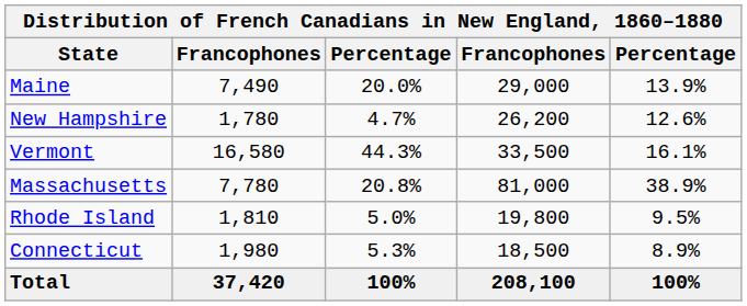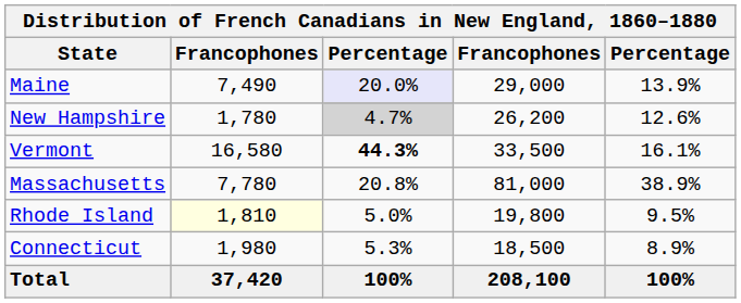 <table class=wikitable style="text-align:center">
 <tr>
 <th colspan = 6>Distribution of French Canadians in New England, 1860–1880</th>
 </tr>
 <tr>
 <th>State</th>
 <th>Francophones</th>
 <th>Percentage</th>
 <th>Francophones</th>
 <th>Percentage</th>
 </tr>
 <tr>
 <td style="text-align:left"><a href='#'>Maine</a></td>
 <td>7,490</td>
-<td>20.0%</td>
+<td style="background: lavender;">20.0%</td>
 <td>29,000</td>
 <td>13.9%</td>
 </tr>
 <tr>
 <td style="text-align:left"><a href='#'>New Hampshire</a></td>
 <td>1,780</td>
-<td>4.7%</td>
+<td style="background: lightgrey;">4.7%</td>
 <td>26,200</td>
 <td>12.6%</td>
 </tr>
 <tr>
 <td style="text-align:left"><a href='#'>Vermont</a></td>
 <td>16,580</td>
-<td>44.3%</td>
+<td><strong>44.3%</strong></td>
 <td>33,500</td>
 <td>16.1%</td>
 </tr>
 <tr>
 <td style="text-align:left"><a href='#'>Massachusetts</a></td>
 <td>7,780</td>
 <td>20.8%</td>
 <td>81,000</td>
 <td>38.9%</td>
 </tr>
 <tr>
 <td style="text-align:left"><a href='#'>Rhode Island</a></td>
-<td>1,810</td>
+<td style="background: lightyellow;">1,810</td>
 <td>5.0%</td>
 <td>19,800</td>
 <td>9.5%</td>
 </tr>
 <tr>
 <td style="text-align:left"><a href='#'>Connecticut</a></td>
 <td>1,980</td>
 <td>5.3%</td>
 <td>18,500</td>
 <td>8.9%</td>
 </tr>
 <tr style="font-weight:bold; background-color:#f0f0f0">
 <td style="text-align:left">Total</td>
 <td>37,420</td>
 <td>100%</td>
 <td>208,100</td>
 <td>100%</td>
 </tr>
 </table>
